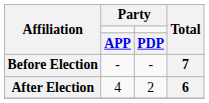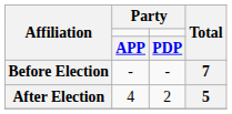 <table class="wikitable" style="text-align:center">
 <tr>
 <th rowspan="3">Affiliation</th>
 <th colspan="2">Party</th>
 <th rowspan="3">Total</th>
 </tr>
 <tr>
 <td style="background-color:"></td>
 <td style="background-color:"></td>
 </tr>
 <tr>
 <th><a href='#'>APP</a></th>
 <th><a href='#'>PDP</a></th>
 </tr>
 <tr>
 <th>Before Election</th>
 <td>-</td>
 <td>-</td>
 <th>7</th>
 </tr>
 <tr>
 <th>After Election</th>
 <td>4</td>
 <td>2</td>
-<th>6</th>
+<th>5</th>
 </tr>
 <tr>
 </tr>
 </table>
